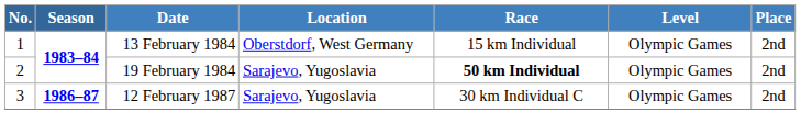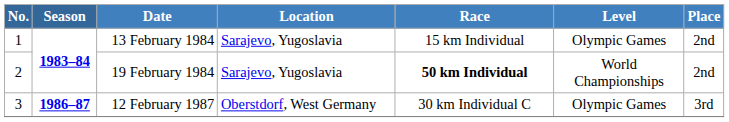 <table class="wikitable sortable" style="font-size:95%; text-align:center; border:grey solid 1px; border-collapse:collapse; background:#ffffff;">
 <tr style="background:#efefef;">
 <th style="background-color:#369; color:white;">No.</th>
 <th style="background-color:#369; color:white;">Season</th>
 <th style="background-color:#4180be; color:white; width:120px;">Date</th>
 <th style="background-color:#4180be; color:white; width:180px;">Location</th>
 <th style="background-color:#4180be; color:white; width:160px;">Race</th>
 <th style="background-color:#4180be; color:white; width:130px;">Level</th>
 <th style="background-color:#4180be; color:white;">Place</th>
 </tr>
 <tr>
 <td align=center>1</td>
 <td rowspan=2 align=center><strong> <a href='#'>1983–84</a> </strong></td>
 <td align=right>13 February 1984</td>
-<td align=left> <a href='#'>Oberstdorf</a>, West Germany</td>
+<td align=left> <a href='#'>Sarajevo</a>, Yugoslavia</td>
 <td>15 km Individual</td>
 <td>Olympic Games</td>
 <td>2nd</td>
 </tr>
 <tr>
 <td align=center>2</td>
 <td align=right>19 February 1984</td>
 <td align=left> <a href='#'>Sarajevo</a>, Yugoslavia</td>
 <td><strong>50 km Individual</strong></td>
-<td>Olympic Games</td>
+<td>World Championships</td>
 <td>2nd</td>
 </tr>
 <tr>
 <td align=center>3</td>
 <td rowspan=1 align=center><strong> <a href='#'>1986–87</a> </strong></td>
 <td align=right>12 February 1987</td>
-<td align=left> <a href='#'>Sarajevo</a>, Yugoslavia</td>
+<td align=left> <a href='#'>Oberstdorf</a>, West Germany</td>
 <td>30 km Individual C</td>
 <td>Olympic Games</td>
-<td>2nd</td>
+<td>3rd</td>
 </tr>
 <tr>
 </tr>
 </table>
